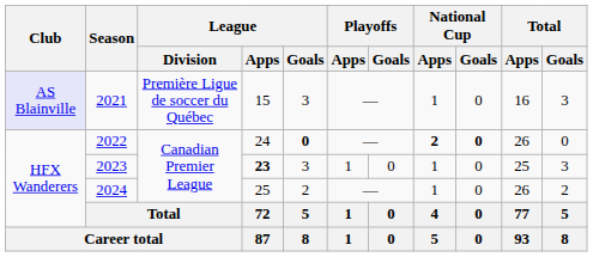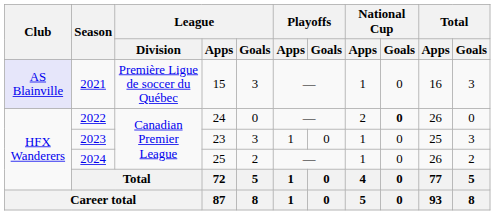 <table class="wikitable" style="text-align:center">
 <tr>
 <th rowspan="2">Club</th>
 <th rowspan="2">Season</th>
 <th colspan="3">League</th>
 <th colspan="2">Playoffs</th>
 <th colspan="2">National Cup</th>
 <th colspan="2">Total</th>
 </tr>
 <tr>
 <th>Division</th>
 <th>Apps</th>
 <th>Goals</th>
 <th>Apps</th>
 <th>Goals</th>
 <th>Apps</th>
 <th>Goals</th>
 <th>Apps</th>
 <th>Goals</th>
 </tr>
 <tr>
 <td style="background: lavender;"><a href='#'>AS Blainville</a></td>
 <td><a href='#'>2021</a></td>
 <td><a href='#'>Première Ligue de soccer du Québec</a></td>
 <td>15</td>
 <td>3</td>
 <td colspan="2">—</td>
 <td>1</td>
 <td>0</td>
 <td>16</td>
 <td>3</td>
 </tr>
 <tr>
 <td rowspan="4"><a href='#'>HFX Wanderers</a></td>
 <td><a href='#'>2022</a></td>
 <td rowspan="3"><a href='#'>Canadian Premier League</a></td>
 <td>24</td>
-<td><strong>0</strong></td>
+<td>0</td>
 <td colspan="2">—</td>
-<td><strong>2</strong></td>
+<td>2</td>
 <td><strong>0</strong></td>
 <td>26</td>
 <td>0</td>
 </tr>
 <tr>
 <td><a href='#'>2023</a></td>
-<td><strong>23</strong></td>
+<td>23</td>
 <td>3</td>
 <td>1</td>
 <td>0</td>
 <td>1</td>
 <td>0</td>
 <td>25</td>
 <td>3</td>
 </tr>
 <tr>
 <td><a href='#'>2024</a></td>
 <td>25</td>
 <td>2</td>
 <td colspan="2">—</td>
 <td>1</td>
 <td>0</td>
 <td>26</td>
 <td>2</td>
 </tr>
 <tr>
 <th colspan="2"><strong>Total</strong></th>
 <th>72</th>
 <th>5</th>
 <th>1</th>
 <th>0</th>
 <th>4</th>
 <th>0</th>
 <th>77</th>
 <th>5</th>
 </tr>
 <tr>
 <th colspan="3">Career total</th>
 <th>87</th>
 <th>8</th>
 <th>1</th>
 <th>0</th>
 <th>5</th>
 <th>0</th>
 <th>93</th>
 <th>8</th>
 </tr>
 </table>
